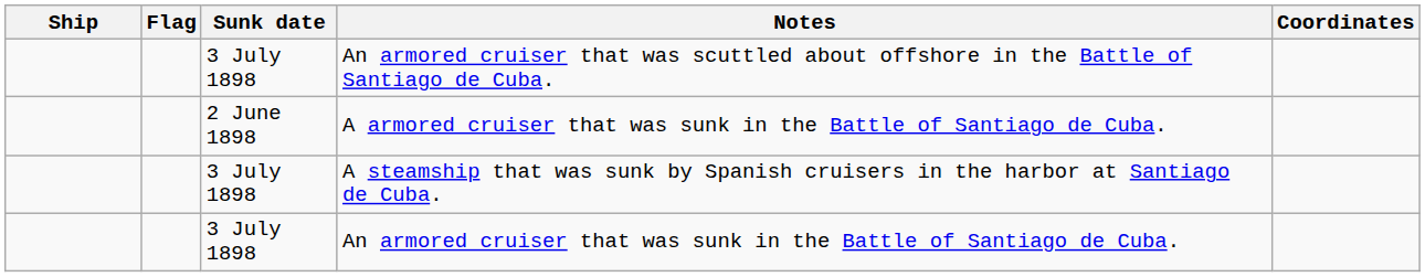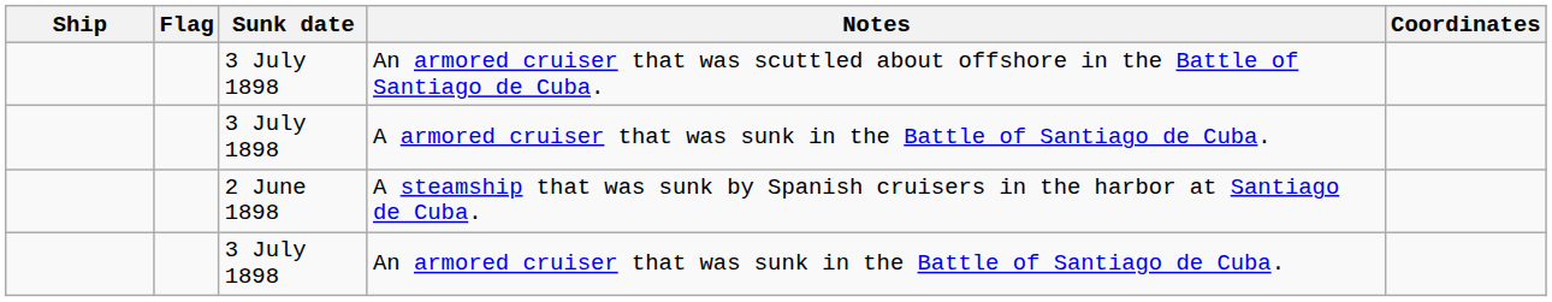 <table class=wikitable | style="width:100%">
 <tr>
 <th style="width:10%">Ship</th>
 <th>Flag</th>
 <th style="width:10%">Sunk date</th>
 <th style="width:70%">Notes</th>
 <th style="width:10%">Coordinates</th>
 </tr>
 <tr>
 <td></td>
 <td></td>
 <td>3 July 1898</td>
 <td>An  <a href='#'>armored cruiser</a> that was scuttled about  offshore in the <a href='#'>Battle of Santiago de Cuba</a>.</td>
 <td></td>
 </tr>
 <tr>
 <td></td>
 <td></td>
-<td>2 June 1898</td>
+<td>3 July 1898</td>
 <td>A  <a href='#'>armored cruiser</a> that was sunk in the <a href='#'>Battle of Santiago de Cuba</a>.</td>
 <td></td>
 </tr>
 <tr>
 <td></td>
 <td></td>
-<td>3 July 1898</td>
+<td>2 June 1898</td>
 <td>A <a href='#'>steamship</a> that was sunk by Spanish cruisers in the harbor at <a href='#'>Santiago de Cuba</a>.</td>
 <td></td>
 </tr>
 <tr>
 <td></td>
 <td></td>
 <td>3 July 1898</td>
 <td>An  <a href='#'>armored cruiser</a> that was sunk in the <a href='#'>Battle of Santiago de Cuba</a>.</td>
 <td></td>
 </tr>
 </table>
